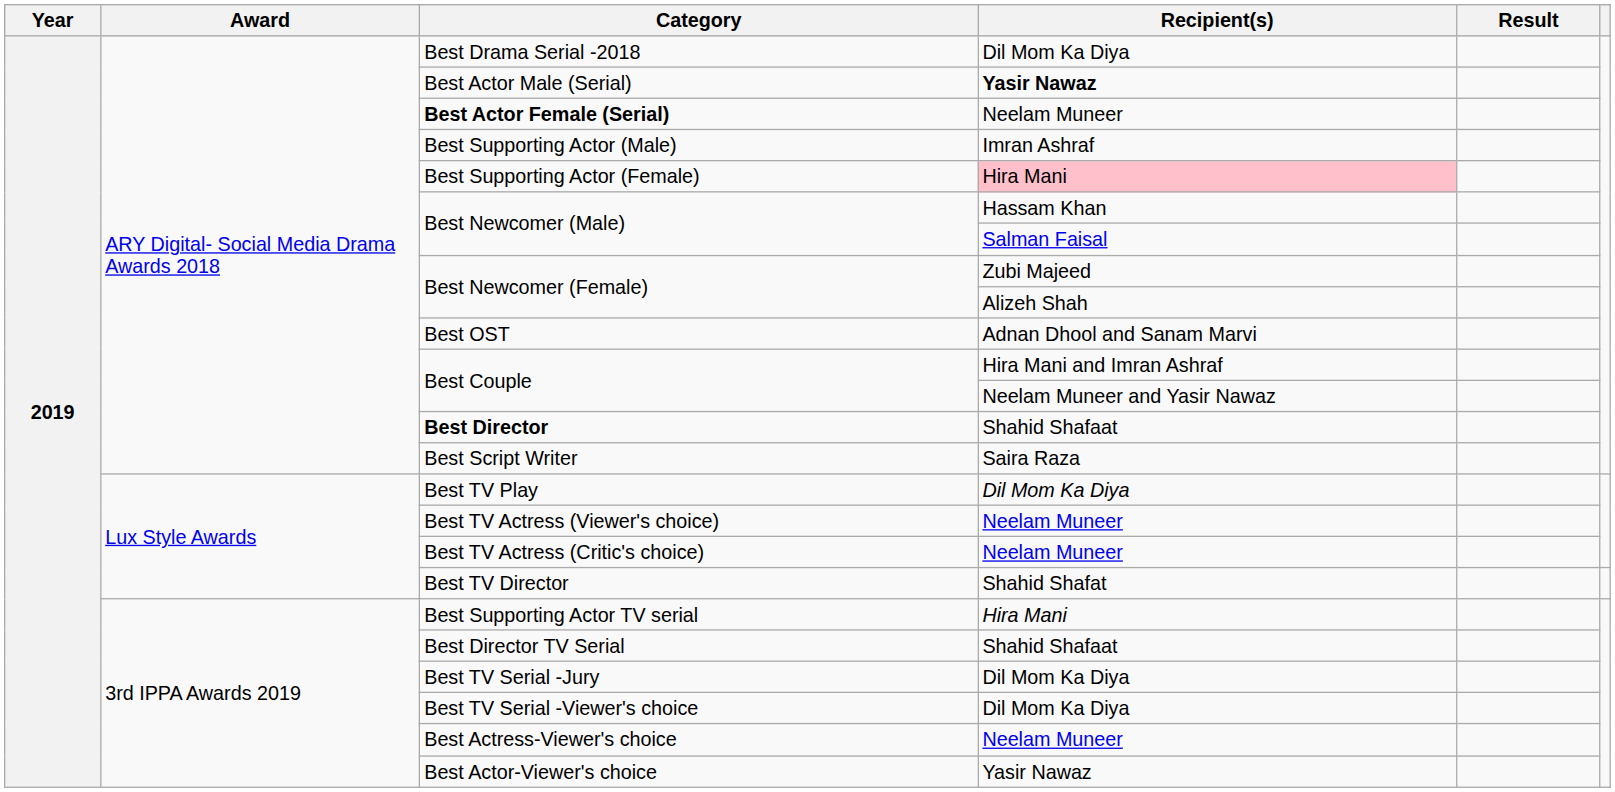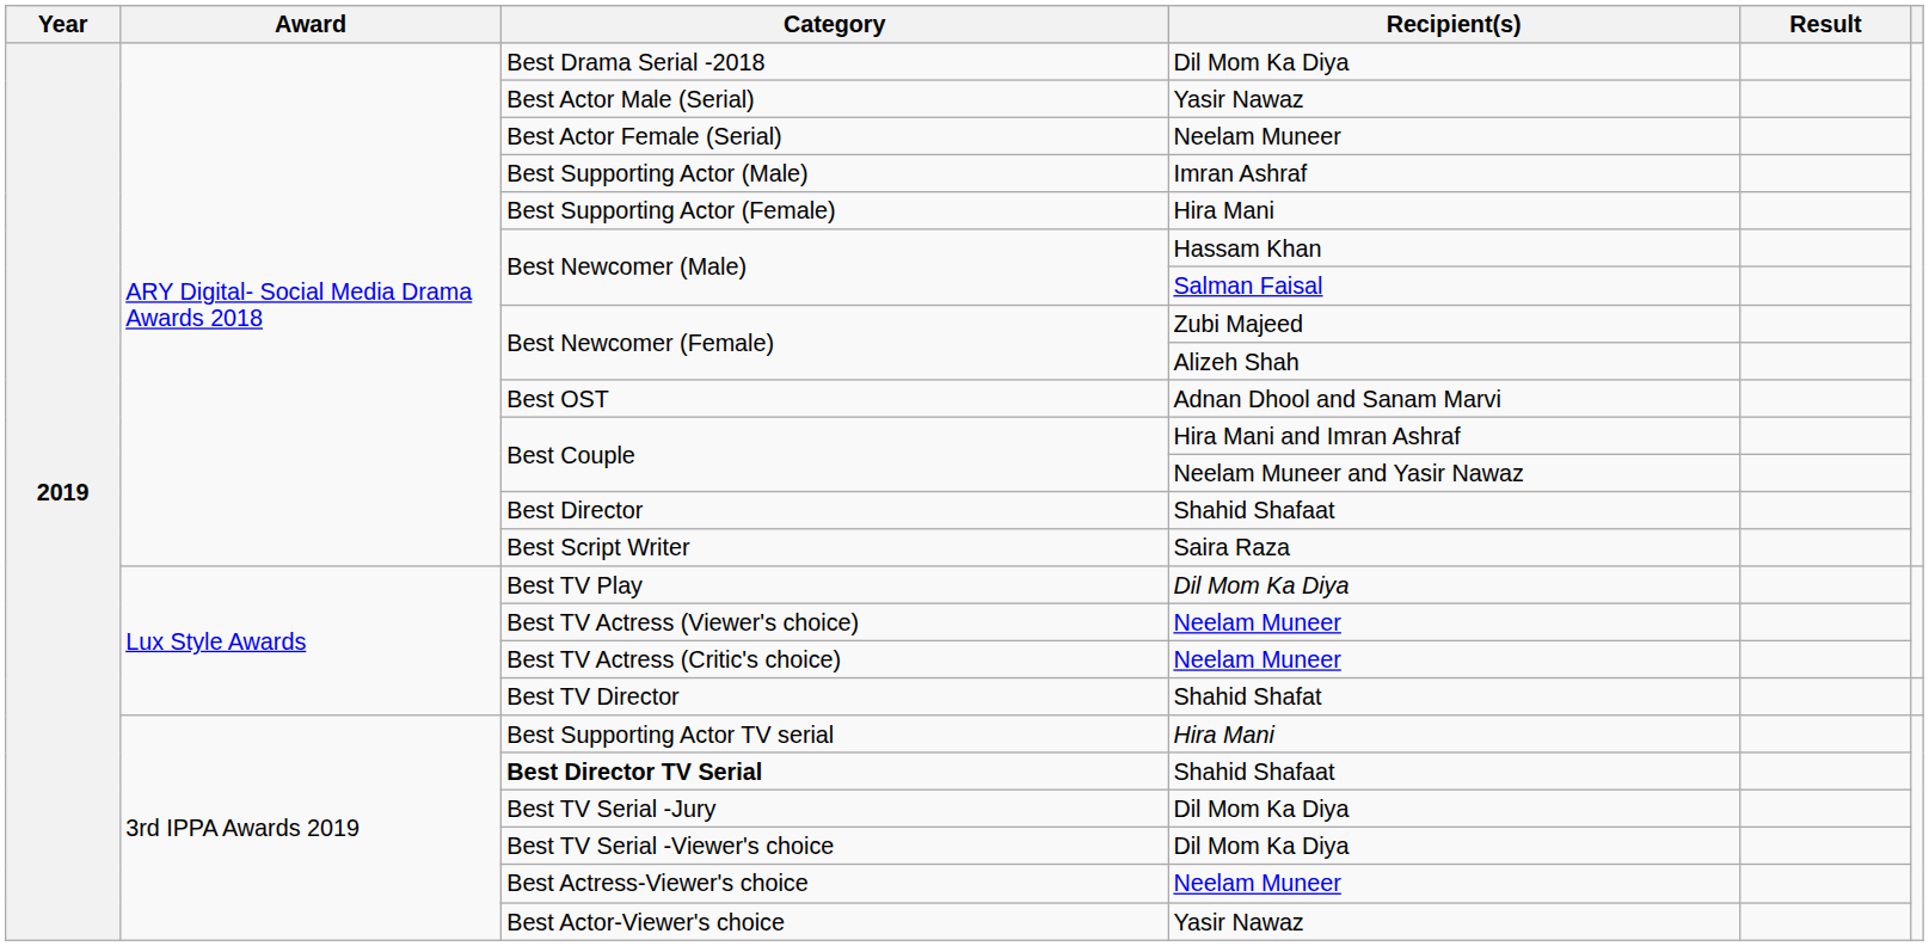 <table class="wikitable" width="78%" style="font-size: 95%;">
 <tr style="background:#ccc; text-align:center;">
 <th scope="col" width="6%">Year</th>
 <th scope="col" width="20%">Award</th>
 <th scope="col" width="35%">Category</th>
 <th scope="col" width="30%">Recipient(s)</th>
 <th scope="col" width="10%">Result</th>
 <th></th>
 </tr>
 <tr>
 <th rowspan="24">2019</th>
 <td rowspan="14"><a href='#'>ARY Digital- Social Media Drama Awards 2018</a></td>
 <td>Best Drama Serial -2018</td>
 <td>Dil Mom Ka Diya</td>
 <td></td>
 <td rowspan="14"></td>
 </tr>
 <tr>
 <td>Best Actor Male (Serial)</td>
-<td><strong>Yasir Nawaz</strong></td>
+<td>Yasir Nawaz</td>
 <td></td>
 </tr>
 <tr>
-<td><strong>Best Actor Female (Serial)</strong></td>
+<td>Best Actor Female (Serial)</td>
 <td>Neelam Muneer</td>
 <td></td>
 </tr>
 <tr>
 <td>Best Supporting Actor (Male)</td>
 <td>Imran Ashraf</td>
 <td></td>
 </tr>
 <tr>
 <td>Best Supporting Actor (Female)</td>
-<td style="background: pink;">Hira Mani</td>
+<td>Hira Mani</td>
 <td></td>
 </tr>
 <tr>
 <td ROWSPAN=2>Best Newcomer (Male)</td>
 <td>Hassam Khan</td>
 <td></td>
 </tr>
 <tr>
 <td><a href='#'>Salman Faisal</a></td>
 <td></td>
 </tr>
 <tr>
 <td ROWSPAN=2>Best Newcomer (Female)</td>
 <td>Zubi Majeed</td>
 <td></td>
 </tr>
 <tr>
 <td>Alizeh Shah</td>
 <td></td>
 </tr>
 <tr>
 <td>Best OST</td>
 <td>Adnan Dhool and Sanam Marvi</td>
 <td></td>
 </tr>
 <tr>
 <td rowspan=2>Best Couple</td>
 <td>Hira Mani and Imran Ashraf</td>
 <td></td>
 </tr>
 <tr>
 <td>Neelam Muneer and Yasir Nawaz</td>
 <td></td>
 </tr>
 <tr>
-<td><strong>Best Director</strong></td>
+<td>Best Director</td>
 <td>Shahid Shafaat</td>
 <td></td>
 </tr>
 <tr>
 <td>Best Script Writer</td>
 <td>Saira Raza</td>
 <td></td>
 </tr>
 <tr>
 <td rowspan="4"><a href='#'>Lux Style Awards</a></td>
 <td>Best TV Play</td>
 <td><em>Dil Mom Ka Diya</em></td>
 <td></td>
 <td rowspan="3"></td>
 </tr>
 <tr>
 <td>Best TV Actress (Viewer's choice)</td>
 <td><a href='#'>Neelam Muneer</a></td>
 <td></td>
 </tr>
 <tr>
 <td>Best TV Actress (Critic's choice)</td>
 <td><a href='#'>Neelam Muneer</a></td>
 <td></td>
 </tr>
 <tr>
 <td>Best TV Director</td>
 <td>Shahid Shafat</td>
 <td></td>
 </tr>
 <tr>
 <td rowspan="6">3rd IPPA Awards 2019</td>
 <td>Best Supporting Actor TV serial</td>
 <td><em>Hira Mani</em></td>
 <td></td>
 <td rowspan="6"></td>
 </tr>
 <tr>
-<td>Best Director TV Serial</td>
+<td><strong>Best Director TV Serial</strong></td>
 <td>Shahid Shafaat</td>
 <td></td>
 </tr>
 <tr>
 <td>Best TV Serial -Jury</td>
 <td>Dil Mom Ka Diya</td>
 <td></td>
 </tr>
 <tr>
 <td>Best TV Serial -Viewer's choice</td>
 <td>Dil Mom Ka Diya</td>
 <td></td>
 </tr>
 <tr>
 <td>Best Actress-Viewer's choice</td>
 <td><a href='#'>Neelam Muneer</a></td>
 <td></td>
 </tr>
 <tr>
 <td>Best Actor-Viewer's choice</td>
 <td>Yasir Nawaz</td>
 <td></td>
 </tr>
 </table>
